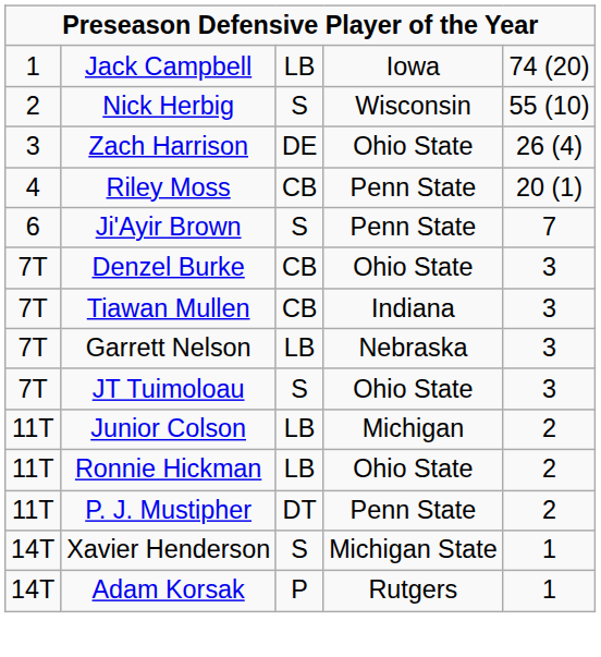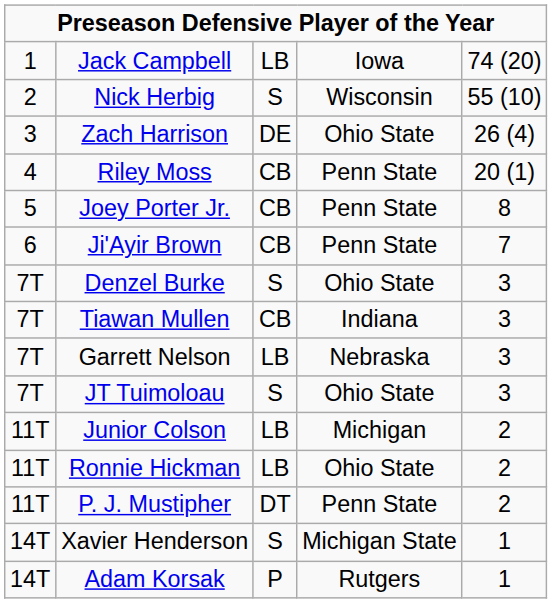 <table class="wikitable" style="display: inline-table;">
 <tr align="center">
 <td align="center" Colspan="5"><strong>Preseason Defensive Player of the Year</strong><br></td>
 </tr>
 <tr align="center">
 <td>1</td>
 <td><a href='#'>Jack Campbell</a></td>
 <td>LB</td>
 <td>Iowa</td>
 <td>74 (20)</td>
 </tr>
 <tr align="center">
 <td>2</td>
 <td><a href='#'>Nick Herbig</a></td>
 <td>S</td>
 <td>Wisconsin</td>
 <td>55 (10)</td>
 </tr>
 <tr align="center">
 <td>3</td>
 <td><a href='#'>Zach Harrison</a></td>
 <td>DE</td>
 <td>Ohio State</td>
 <td>26 (4)</td>
 </tr>
 <tr align="center">
 <td>4</td>
 <td><a href='#'>Riley Moss</a></td>
 <td>CB</td>
 <td>Penn State</td>
 <td>20 (1)</td>
 </tr>
 <tr align="center">
+<td>5</td>
+<td><a href='#'>Joey Porter Jr.</a></td>
+<td>CB</td>
+<td>Penn State</td>
+<td>8</td>
+</tr>
+<tr align="center">
 <td>6</td>
 <td><a href='#'>Ji'Ayir Brown</a></td>
-<td>S</td>
+<td>CB</td>
 <td>Penn State</td>
 <td>7</td>
 </tr>
 <tr align="center">
 <td>7T</td>
 <td><a href='#'>Denzel Burke</a></td>
-<td>CB</td>
+<td>S</td>
 <td>Ohio State</td>
 <td>3</td>
 </tr>
 <tr align="center">
 <td>7T</td>
 <td><a href='#'>Tiawan Mullen</a></td>
 <td>CB</td>
 <td>Indiana</td>
 <td>3</td>
 </tr>
 <tr align="center">
 <td>7T</td>
 <td>Garrett Nelson</td>
 <td>LB</td>
 <td>Nebraska</td>
 <td>3</td>
 </tr>
 <tr align="center">
 <td>7T</td>
 <td><a href='#'>JT Tuimoloau</a></td>
 <td>S</td>
 <td>Ohio State</td>
 <td>3</td>
 </tr>
 <tr align="center">
 <td>11T</td>
 <td><a href='#'>Junior Colson</a></td>
 <td>LB</td>
 <td>Michigan</td>
 <td>2</td>
 </tr>
 <tr align="center">
 <td>11T</td>
 <td><a href='#'>Ronnie Hickman</a></td>
 <td>LB</td>
 <td>Ohio State</td>
 <td>2</td>
 </tr>
 <tr align="center">
 <td>11T</td>
 <td><a href='#'>P. J. Mustipher</a></td>
 <td>DT</td>
 <td>Penn State</td>
 <td>2</td>
 </tr>
 <tr align="center">
 <td>14T</td>
 <td>Xavier Henderson</td>
 <td>S</td>
 <td>Michigan State</td>
 <td>1</td>
 </tr>
 <tr align="center">
 <td>14T</td>
 <td><a href='#'>Adam Korsak</a></td>
 <td>P</td>
 <td>Rutgers</td>
 <td>1</td>
 </tr>
 </table>
